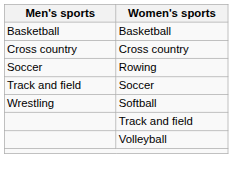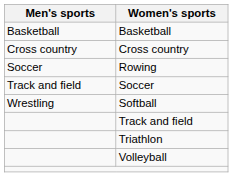 <table class="wikitable"; style= "text-align: ">
 <tr>
 <th width=150px>Men's sports</th>
 <th width=150px>Women's sports</th>
 </tr>
 <tr>
 <td>Basketball</td>
 <td>Basketball</td>
 </tr>
 <tr>
 <td>Cross country</td>
 <td>Cross country</td>
 </tr>
 <tr>
 <td>Soccer</td>
 <td>Rowing</td>
 </tr>
 <tr>
 <td>Track and field</td>
 <td>Soccer</td>
 </tr>
 <tr>
 <td>Wrestling</td>
 <td>Softball</td>
 </tr>
 <tr>
 <td></td>
 <td>Track and field</td>
 </tr>
 <tr>
 <td></td>
+<td>Triathlon</td>
+</tr>
+<tr>
+<td></td>
 <td>Volleyball</td>
 </tr>
 <tr>
 <td colspan="2"></td>
 </tr>
 </table>
